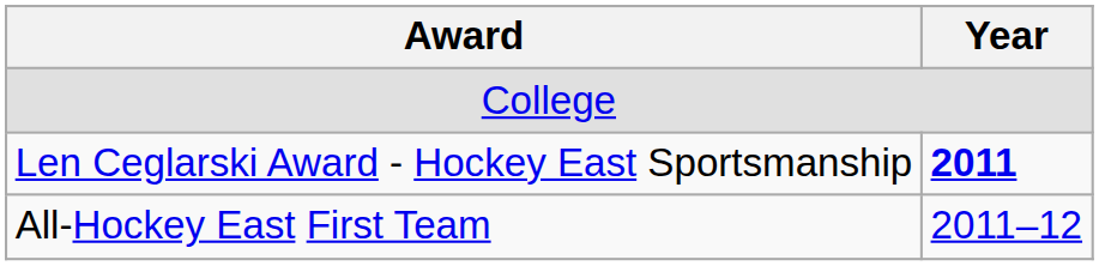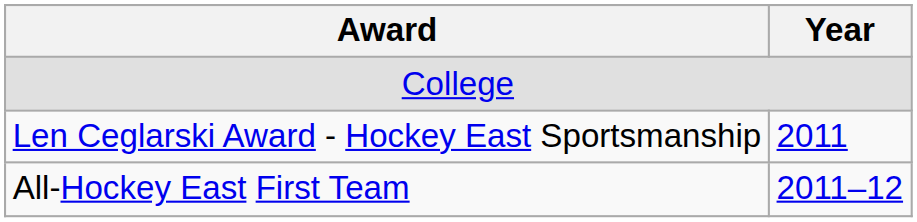 <table class="wikitable">
 <tr>
 <th>Award</th>
 <th>Year</th>
 </tr>
 <tr ALIGN="center" bgcolor="#e0e0e0">
 <td colspan="3"><a href='#'>College</a></td>
 </tr>
 <tr>
 <td><a href='#'>Len Ceglarski Award</a> - <a href='#'>Hockey East</a> Sportsmanship</td>
-<td><strong><a href='#'>2011</a></strong></td>
+<td><a href='#'>2011</a></td>
 </tr>
 <tr>
 <td>All-<a href='#'>Hockey East</a> <a href='#'>First Team</a></td>
 <td><a href='#'>2011–12</a></td>
 </tr>
 </table>
